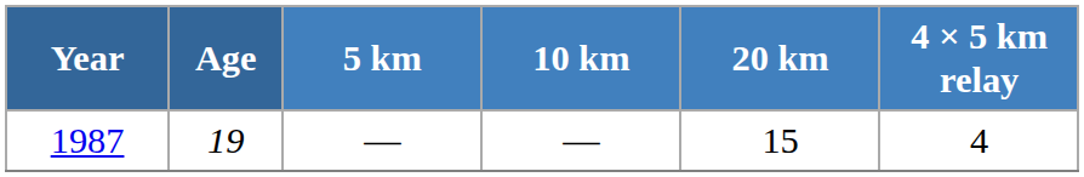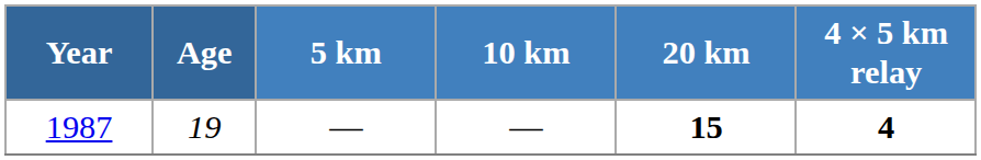 <table class="wikitable" style="font-size:95%; text-align:center; border:grey solid 1px; border-collapse:collapse; background:#ffffff;">
 <tr>
 <th style="background-color:#369; color:white; width:60px;"> Year </th>
 <th style="background-color:#369; color:white; width:40px;"> Age </th>
 <th style="background-color:#4180be; color:white; width:75px;"> 5 km </th>
 <th style="background-color:#4180be; color:white; width:75px;"> 10 km </th>
 <th style="background-color:#4180be; color:white; width:75px;"> 20 km </th>
 <th style="background-color:#4180be; color:white; width:75px;"> 4 × 5 km <br> relay </th>
 </tr>
 <tr>
 <td><a href='#'>1987</a></td>
 <td><em>19</em></td>
 <td>—</td>
 <td>—</td>
-<td>15</td>
-<td>4</td>
+<td><strong>15</strong></td>
+<td><strong>4</strong></td>
 </tr>
 <tr>
 </tr>
 </table>
